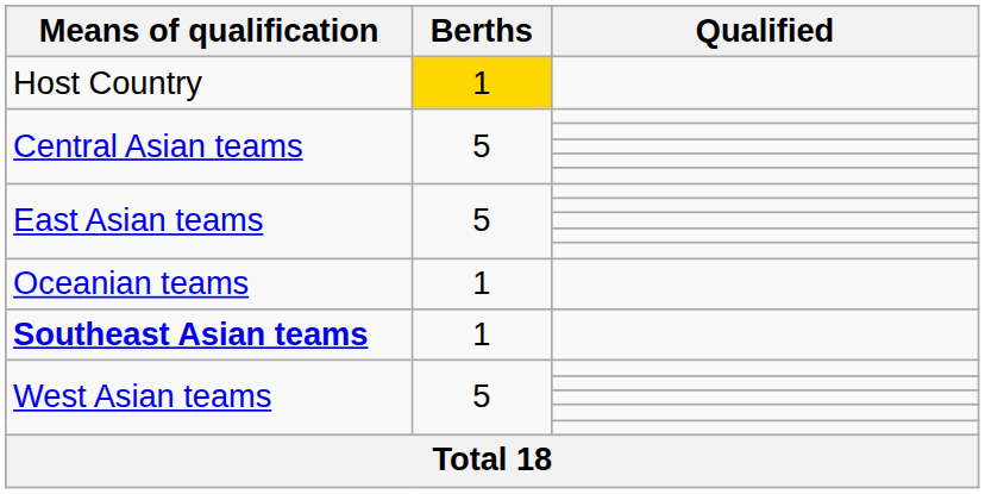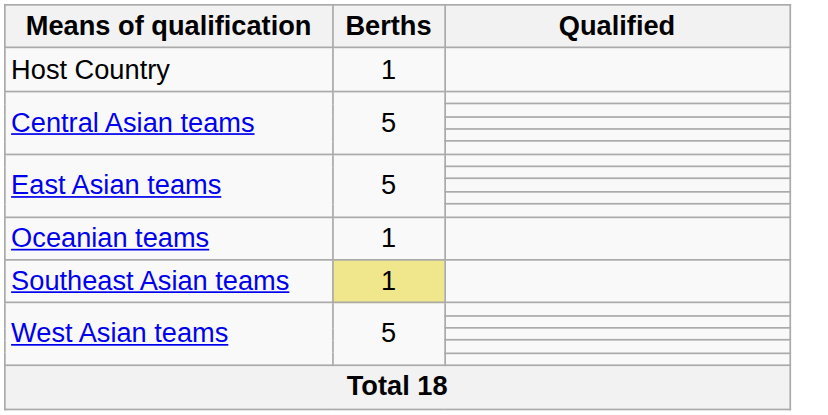 <table class="wikitable">
 <tr>
 <th style="margin:0; width:38%;">Means of qualification</th>
 <th style="margin:0; width:13%;">Berths</th>
 <th style="margin:0; width:40%;">Qualified</th>
 </tr>
 <tr>
 <td>Host Country</td>
-<td style="background: gold; text-align:center;">1</td>
+<td style="text-align:center;">1</td>
 <td></td>
 </tr>
 <tr>
 <td rowspan=5><a href='#'>Central Asian teams</a></td>
 <td rowspan=5 style="text-align:center;">5</td>
 <td></td>
 </tr>
 <tr>
 <td></td>
 </tr>
 <tr>
 <td></td>
 </tr>
 <tr>
 <td><s></s></td>
 </tr>
 <tr>
 <td></td>
 </tr>
 <tr>
 <td rowspan=5><a href='#'>East Asian teams</a></td>
 <td rowspan=5 style="text-align:center;">5</td>
 <td></td>
 </tr>
 <tr>
 <td></td>
 </tr>
 <tr>
 <td></td>
 </tr>
 <tr>
 <td></td>
 </tr>
 <tr>
 <td></td>
 </tr>
 <tr>
 <td rowspan=1><a href='#'>Oceanian teams</a></td>
 <td rowspan=1 style="text-align:center;">1</td>
 <td></td>
 </tr>
 <tr>
-<td rowspan=1><strong><a href='#'>Southeast Asian teams</a></strong></td>
-<td rowspan=1 style="text-align:center;">1</td>
+<td rowspan=1><a href='#'>Southeast Asian teams</a></td>
+<td rowspan=1 style="background: khaki; text-align:center;">1</td>
 <td></td>
 </tr>
 <tr>
 <td rowspan=5><a href='#'>West Asian teams</a></td>
 <td rowspan=5 style="text-align:center;">5</td>
 <td></td>
 </tr>
 <tr>
 <td></td>
 </tr>
 <tr>
 <td></td>
 </tr>
 <tr>
 <td></td>
 </tr>
 <tr>
 <td></td>
 </tr>
 <tr>
 <th colspan=4>Total 18</th>
 </tr>
 </table>
